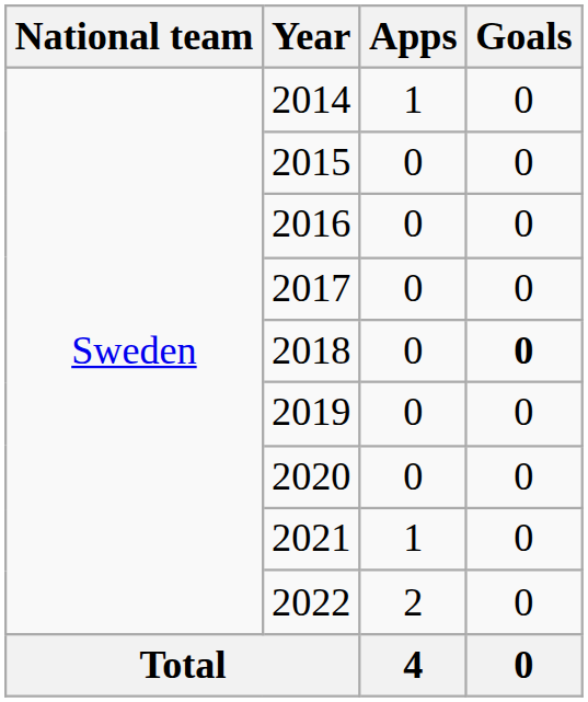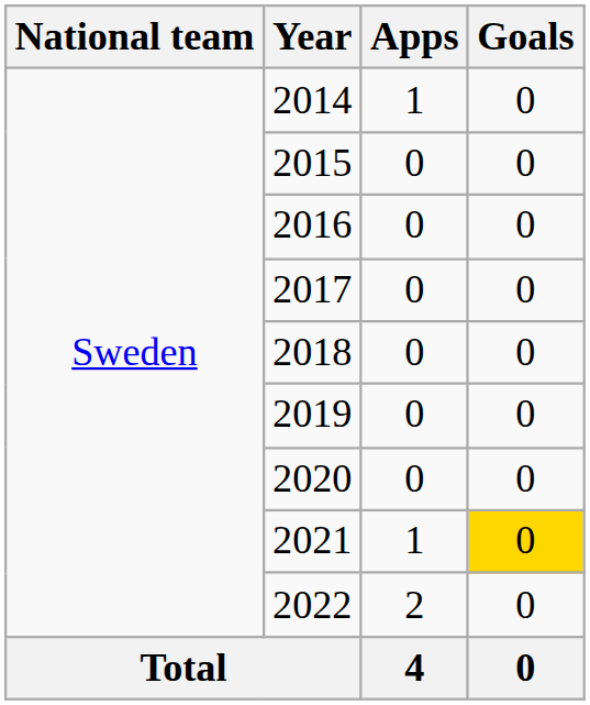 <table class="wikitable" style="text-align:center">
 <tr>
 <th>National team</th>
 <th>Year</th>
 <th>Apps</th>
 <th>Goals</th>
 </tr>
 <tr>
 <td rowspan="9"><a href='#'>Sweden</a></td>
 <td>2014</td>
 <td>1</td>
 <td>0</td>
 </tr>
 <tr>
 <td>2015</td>
 <td>0</td>
 <td>0</td>
 </tr>
 <tr>
 <td>2016</td>
 <td>0</td>
 <td>0</td>
 </tr>
 <tr>
 <td>2017</td>
 <td>0</td>
 <td>0</td>
 </tr>
 <tr>
 <td>2018</td>
 <td>0</td>
-<td><strong>0</strong></td>
+<td>0</td>
 </tr>
 <tr>
 <td>2019</td>
 <td>0</td>
 <td>0</td>
 </tr>
 <tr>
 <td>2020</td>
 <td>0</td>
 <td>0</td>
 </tr>
 <tr>
 <td>2021</td>
 <td>1</td>
-<td>0</td>
+<td style="background: gold;">0</td>
 </tr>
 <tr>
 <td>2022</td>
 <td>2</td>
 <td>0</td>
 </tr>
 <tr>
 <th colspan="2">Total</th>
 <th>4</th>
 <th>0</th>
 </tr>
 </table>
